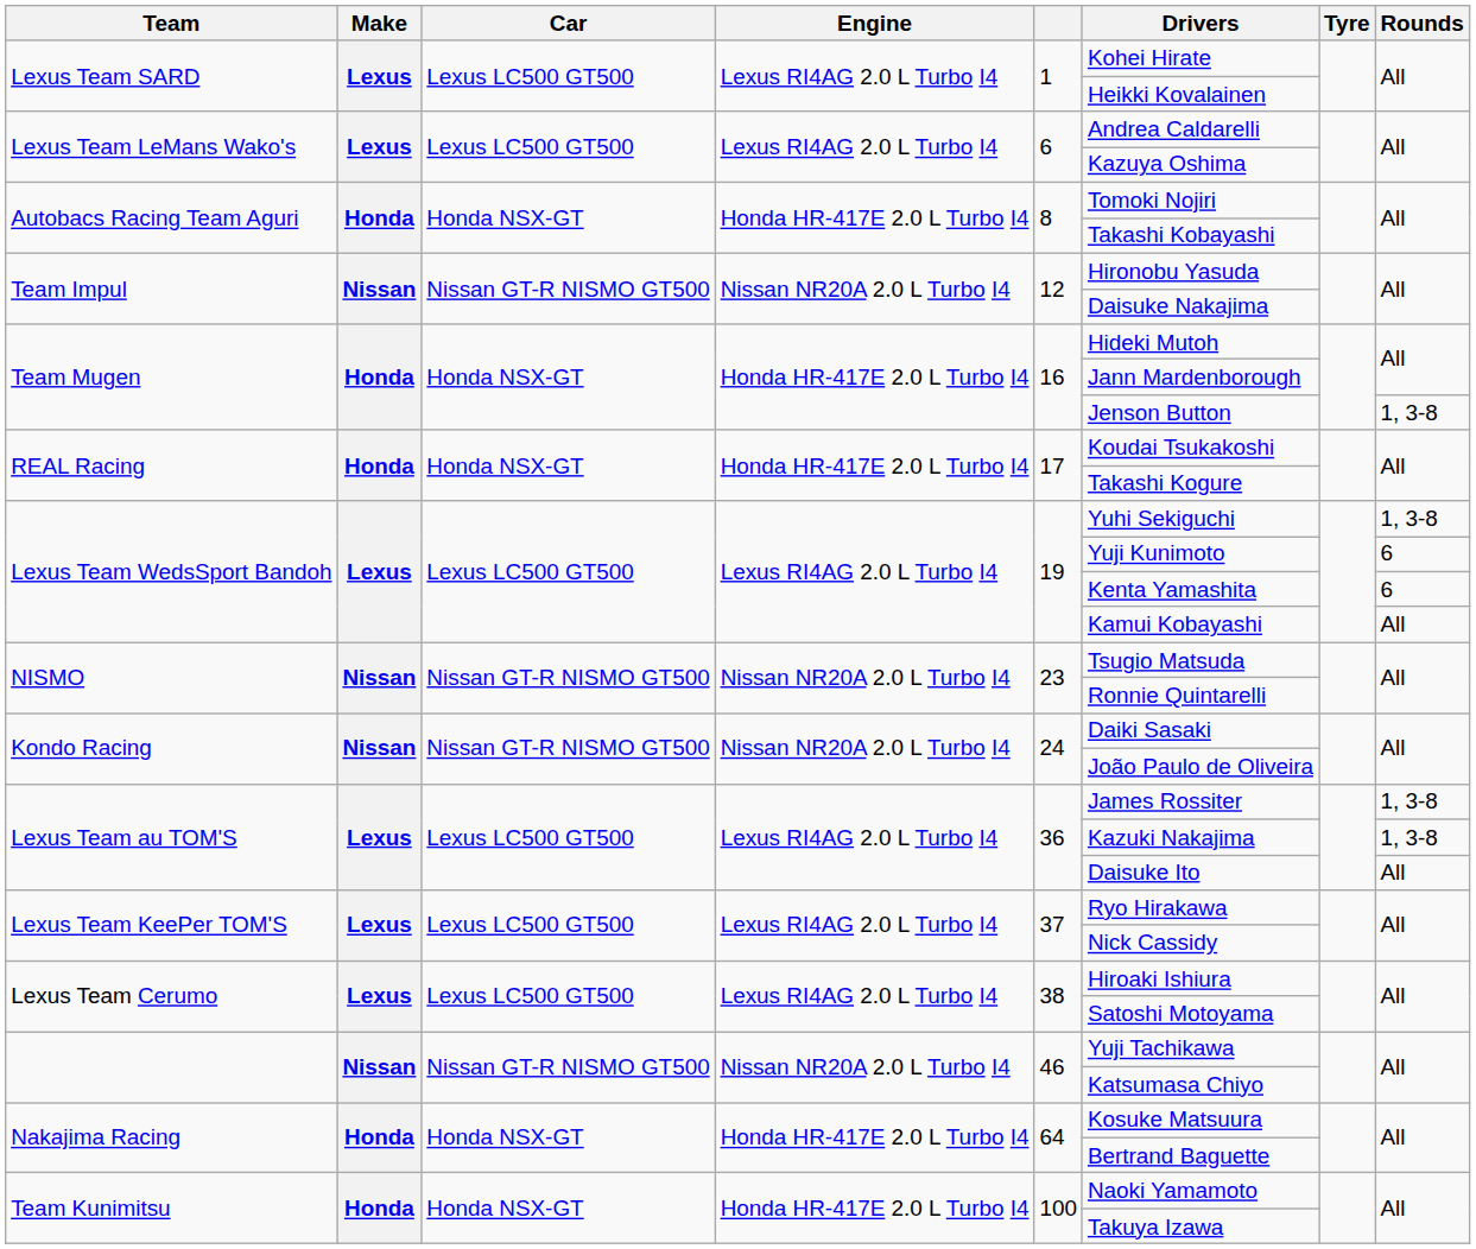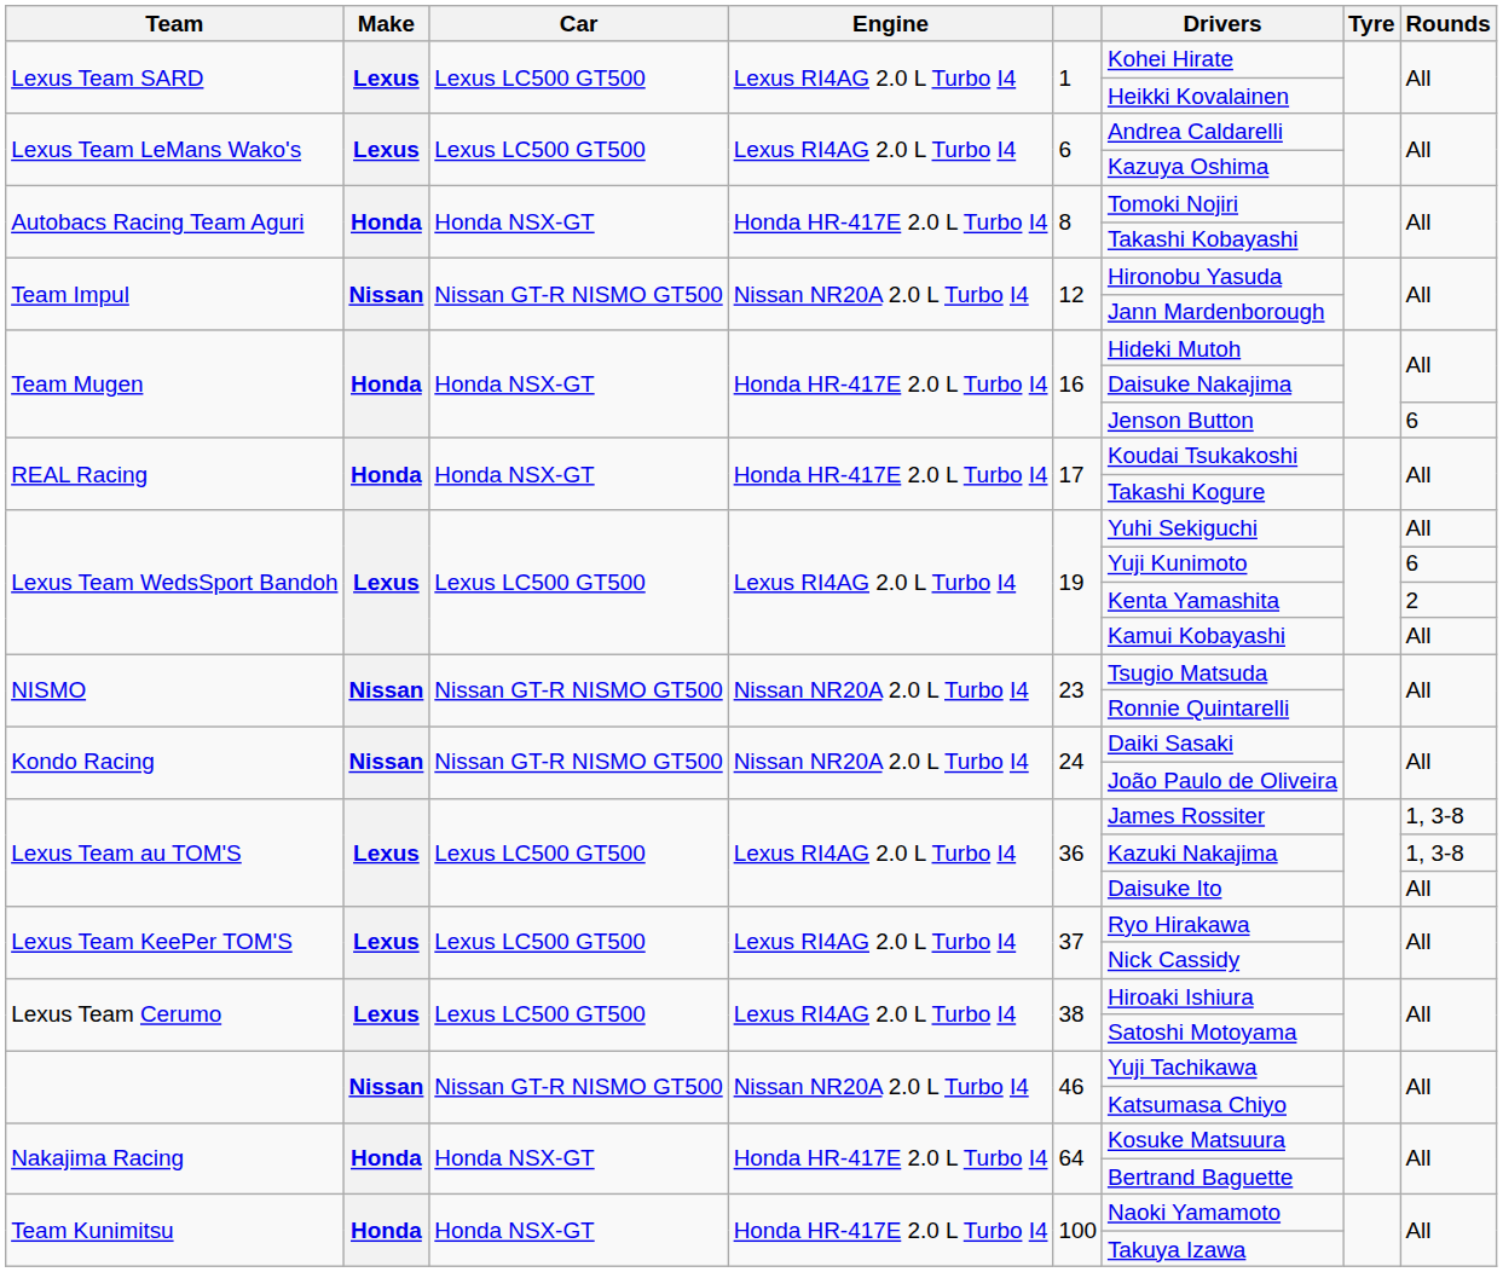 <table class="wikitable" style="font-size: 85%;">
 <tr>
 <th>Team</th>
 <th>Make</th>
 <th>Car</th>
 <th>Engine</th>
 <th></th>
 <th>Drivers</th>
 <th>Tyre</th>
 <th>Rounds</th>
 </tr>
 <tr>
 <td rowspan=2> <a href='#'>Lexus Team SARD</a></td>
 <th rowspan=2><a href='#'>Lexus</a></th>
 <td rowspan=2><a href='#'>Lexus LC500 GT500</a></td>
 <td rowspan=2><a href='#'>Lexus RI4AG</a> 2.0 L <a href='#'>Turbo</a> <a href='#'>I4</a></td>
 <td rowspan=2>1</td>
 <td> <a href='#'>Kohei Hirate</a></td>
 <td rowspan=2 align=center></td>
 <td rowspan=2>All</td>
 </tr>
 <tr>
 <td> <a href='#'>Heikki Kovalainen</a></td>
 </tr>
 <tr>
 <td rowspan=2> <a href='#'>Lexus Team LeMans Wako's</a></td>
 <th rowspan=2><a href='#'>Lexus</a></th>
 <td rowspan=2><a href='#'>Lexus LC500 GT500</a></td>
 <td rowspan=2><a href='#'>Lexus RI4AG</a> 2.0 L <a href='#'>Turbo</a> <a href='#'>I4</a></td>
 <td rowspan=2>6</td>
 <td> <a href='#'>Andrea Caldarelli</a></td>
 <td rowspan=2 align=center></td>
 <td rowspan=2>All</td>
 </tr>
 <tr>
 <td> <a href='#'>Kazuya Oshima</a></td>
 </tr>
 <tr>
 <td rowspan=2> <a href='#'>Autobacs Racing Team Aguri</a></td>
 <th rowspan=2><a href='#'>Honda</a></th>
 <td rowspan=2><a href='#'>Honda NSX-GT</a></td>
 <td rowspan=2><a href='#'>Honda HR-417E</a> 2.0 L <a href='#'>Turbo</a> <a href='#'>I4</a></td>
 <td rowspan=2>8</td>
 <td> <a href='#'>Tomoki Nojiri</a></td>
 <td rowspan=2 align=center></td>
 <td rowspan=2>All</td>
 </tr>
 <tr>
 <td> <a href='#'>Takashi Kobayashi</a></td>
 </tr>
 <tr>
 <td rowspan=2> <a href='#'>Team Impul</a></td>
 <th rowspan=2><a href='#'>Nissan</a></th>
 <td rowspan=2><a href='#'>Nissan GT-R NISMO GT500</a></td>
 <td rowspan=2><a href='#'>Nissan NR20A</a> 2.0 L <a href='#'>Turbo</a> <a href='#'>I4</a></td>
 <td rowspan=2>12</td>
 <td> <a href='#'>Hironobu Yasuda</a></td>
 <td rowspan=2 align=center></td>
 <td rowspan=2>All</td>
 </tr>
 <tr>
-<td> <a href='#'>Daisuke Nakajima</a></td>
+<td> <a href='#'>Jann Mardenborough</a></td>
 </tr>
 <tr>
 <td rowspan=3> <a href='#'>Team Mugen</a></td>
 <th rowspan=3><a href='#'>Honda</a></th>
 <td rowspan=3><a href='#'>Honda NSX-GT</a></td>
 <td rowspan=3><a href='#'>Honda HR-417E</a> 2.0 L <a href='#'>Turbo</a> <a href='#'>I4</a></td>
 <td rowspan=3>16</td>
 <td> <a href='#'>Hideki Mutoh</a></td>
 <td rowspan=3 align=center></td>
 <td rowspan=2>All</td>
 </tr>
 <tr>
-<td> <a href='#'>Jann Mardenborough</a></td>
+<td> <a href='#'>Daisuke Nakajima</a></td>
 </tr>
 <tr>
 <td> <a href='#'>Jenson Button</a></td>
-<td>1, 3-8</td>
+<td>6</td>
 </tr>
 <tr>
 <td rowspan=2> <a href='#'>REAL Racing</a></td>
 <th rowspan=2><a href='#'>Honda</a></th>
 <td rowspan=2><a href='#'>Honda NSX-GT</a></td>
 <td rowspan=2><a href='#'>Honda HR-417E</a> 2.0 L <a href='#'>Turbo</a> <a href='#'>I4</a></td>
 <td rowspan=2>17</td>
 <td> <a href='#'>Koudai Tsukakoshi</a></td>
 <td rowspan=2 align=center></td>
 <td rowspan=2>All</td>
 </tr>
 <tr>
 <td> <a href='#'>Takashi Kogure</a></td>
 </tr>
 <tr>
 <td rowspan=4> <a href='#'>Lexus Team WedsSport Bandoh</a></td>
 <th rowspan=4><a href='#'>Lexus</a></th>
 <td rowspan=4><a href='#'>Lexus LC500 GT500</a></td>
 <td rowspan=4><a href='#'>Lexus RI4AG</a> 2.0 L <a href='#'>Turbo</a> <a href='#'>I4</a></td>
 <td rowspan=4>19</td>
 <td> <a href='#'>Yuhi Sekiguchi</a></td>
 <td rowspan=4 align=center></td>
-<td>1, 3-8</td>
+<td>All</td>
 </tr>
 <tr>
 <td> <a href='#'>Yuji Kunimoto</a></td>
 <td>6</td>
 </tr>
 <tr>
 <td> <a href='#'>Kenta Yamashita</a></td>
-<td>6</td>
+<td>2</td>
 </tr>
 <tr>
 <td> <a href='#'>Kamui Kobayashi</a></td>
 <td>All</td>
 </tr>
 <tr>
 <td rowspan=2> <a href='#'>NISMO</a></td>
 <th rowspan=2><a href='#'>Nissan</a></th>
 <td rowspan=2><a href='#'>Nissan GT-R NISMO GT500</a></td>
 <td rowspan=2><a href='#'>Nissan NR20A</a> 2.0 L <a href='#'>Turbo</a> <a href='#'>I4</a></td>
 <td rowspan=2>23</td>
 <td> <a href='#'>Tsugio Matsuda</a></td>
 <td rowspan=2 align=center></td>
 <td rowspan=2>All</td>
 </tr>
 <tr>
 <td> <a href='#'>Ronnie Quintarelli</a></td>
 </tr>
 <tr>
 <td rowspan=2> <a href='#'>Kondo Racing</a></td>
 <th rowspan=2><a href='#'>Nissan</a></th>
 <td rowspan=2><a href='#'>Nissan GT-R NISMO GT500</a></td>
 <td rowspan=2><a href='#'>Nissan NR20A</a> 2.0 L <a href='#'>Turbo</a> <a href='#'>I4</a></td>
 <td rowspan=2>24</td>
 <td> <a href='#'>Daiki Sasaki</a></td>
 <td rowspan=2 align=center></td>
 <td rowspan=2>All</td>
 </tr>
 <tr>
 <td> <a href='#'>João Paulo de Oliveira</a></td>
 </tr>
 <tr>
 <td rowspan=3> <a href='#'>Lexus Team au TOM'S</a></td>
 <th rowspan=3><a href='#'>Lexus</a></th>
 <td rowspan=3><a href='#'>Lexus LC500 GT500</a></td>
 <td rowspan=3><a href='#'>Lexus RI4AG</a> 2.0 L <a href='#'>Turbo</a> <a href='#'>I4</a></td>
 <td rowspan=3>36</td>
 <td> <a href='#'>James Rossiter</a></td>
 <td rowspan=3 align=center></td>
 <td>1, 3-8</td>
 </tr>
 <tr>
 <td> <a href='#'>Kazuki Nakajima</a></td>
 <td>1, 3-8</td>
 </tr>
 <tr>
 <td> <a href='#'>Daisuke Ito</a></td>
 <td>All</td>
 </tr>
 <tr>
 <td rowspan=2> <a href='#'>Lexus Team KeePer TOM'S</a></td>
 <th rowspan=2><a href='#'>Lexus</a></th>
 <td rowspan=2><a href='#'>Lexus LC500 GT500</a></td>
 <td rowspan=2><a href='#'>Lexus RI4AG</a> 2.0 L <a href='#'>Turbo</a> <a href='#'>I4</a></td>
 <td rowspan=2>37</td>
 <td> <a href='#'>Ryo Hirakawa</a></td>
 <td rowspan=2 align=center></td>
 <td rowspan=2>All</td>
 </tr>
 <tr>
 <td> <a href='#'>Nick Cassidy</a></td>
 </tr>
 <tr>
 <td rowspan=2> Lexus Team  <a href='#'>Cerumo</a></td>
 <th rowspan=2><a href='#'>Lexus</a></th>
 <td rowspan=2><a href='#'>Lexus LC500 GT500</a></td>
 <td rowspan=2><a href='#'>Lexus RI4AG</a> 2.0 L <a href='#'>Turbo</a> <a href='#'>I4</a></td>
 <td rowspan=2>38</td>
 <td> <a href='#'>Hiroaki Ishiura</a></td>
 <td rowspan=2 align=center></td>
 <td rowspan=2>All</td>
 </tr>
 <tr>
 <td> <a href='#'>Satoshi Motoyama</a></td>
 </tr>
 <tr>
 <td rowspan=2> </td>
 <th rowspan=2><a href='#'>Nissan</a></th>
 <td rowspan=2><a href='#'>Nissan GT-R NISMO GT500</a></td>
 <td rowspan=2><a href='#'>Nissan NR20A</a> 2.0 L <a href='#'>Turbo</a> <a href='#'>I4</a></td>
 <td rowspan=2>46</td>
 <td> <a href='#'>Yuji Tachikawa</a></td>
 <td rowspan=2 align=center></td>
 <td rowspan=2>All</td>
 </tr>
 <tr>
 <td> <a href='#'>Katsumasa Chiyo</a></td>
 </tr>
 <tr>
 <td rowspan=2> <a href='#'>Nakajima Racing</a></td>
 <th rowspan=2><a href='#'>Honda</a></th>
 <td rowspan=2><a href='#'>Honda NSX-GT</a></td>
 <td rowspan=2><a href='#'>Honda HR-417E</a> 2.0 L <a href='#'>Turbo</a> <a href='#'>I4</a></td>
 <td rowspan=2>64</td>
 <td> <a href='#'>Kosuke Matsuura</a></td>
 <td rowspan=2 align=center></td>
 <td rowspan=2>All</td>
 </tr>
 <tr>
 <td> <a href='#'>Bertrand Baguette</a></td>
 </tr>
 <tr>
 <td rowspan=2> <a href='#'>Team Kunimitsu</a></td>
 <th rowspan=2><a href='#'>Honda</a></th>
 <td rowspan=2><a href='#'>Honda NSX-GT</a></td>
 <td rowspan=2><a href='#'>Honda HR-417E</a> 2.0 L <a href='#'>Turbo</a> <a href='#'>I4</a></td>
 <td rowspan=2>100</td>
 <td> <a href='#'>Naoki Yamamoto</a></td>
 <td rowspan=2 align=center></td>
 <td rowspan=2>All</td>
 </tr>
 <tr>
 <td> <a href='#'>Takuya Izawa</a></td>
 </tr>
 </table>
